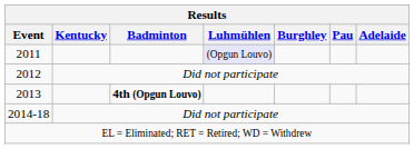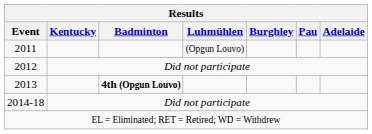 <table class="wikitable" style="text-align:center">
 <tr>
 <th colspan=13 align=center><strong>Results</strong></th>
 </tr>
 <tr>
 <th>Event</th>
 <th><a href='#'>Kentucky</a></th>
 <th><a href='#'>Badminton</a></th>
 <th><a href='#'>Luhmühlen</a></th>
 <th><a href='#'>Burghley</a></th>
 <th><a href='#'>Pau</a></th>
 <th><a href='#'>Adelaide</a></th>
 </tr>
 <tr>
 <td>2011</td>
 <td></td>
 <td></td>
-<td style="background: lavender;"><small> (Opgun Louvo)</small></td>
+<td><small> (Opgun Louvo)</small></td>
 <td></td>
 <td></td>
 <td></td>
 </tr>
 <tr>
 <td>2012</td>
 <td colspan="6"><em>Did not participate</em></td>
 </tr>
 <tr>
 <td>2013</td>
 <td></td>
 <td><strong>4th<small> (Opgun Louvo)</small></strong></td>
 <td></td>
 <td></td>
 <td></td>
 <td></td>
 </tr>
 <tr>
 <td>2014-18</td>
 <td colspan="6"><em>Did not participate</em></td>
 </tr>
 <tr>
 <td colspan=13 align=center><small> EL = Eliminated; RET = Retired; WD = Withdrew </small></td>
 </tr>
 </table>
